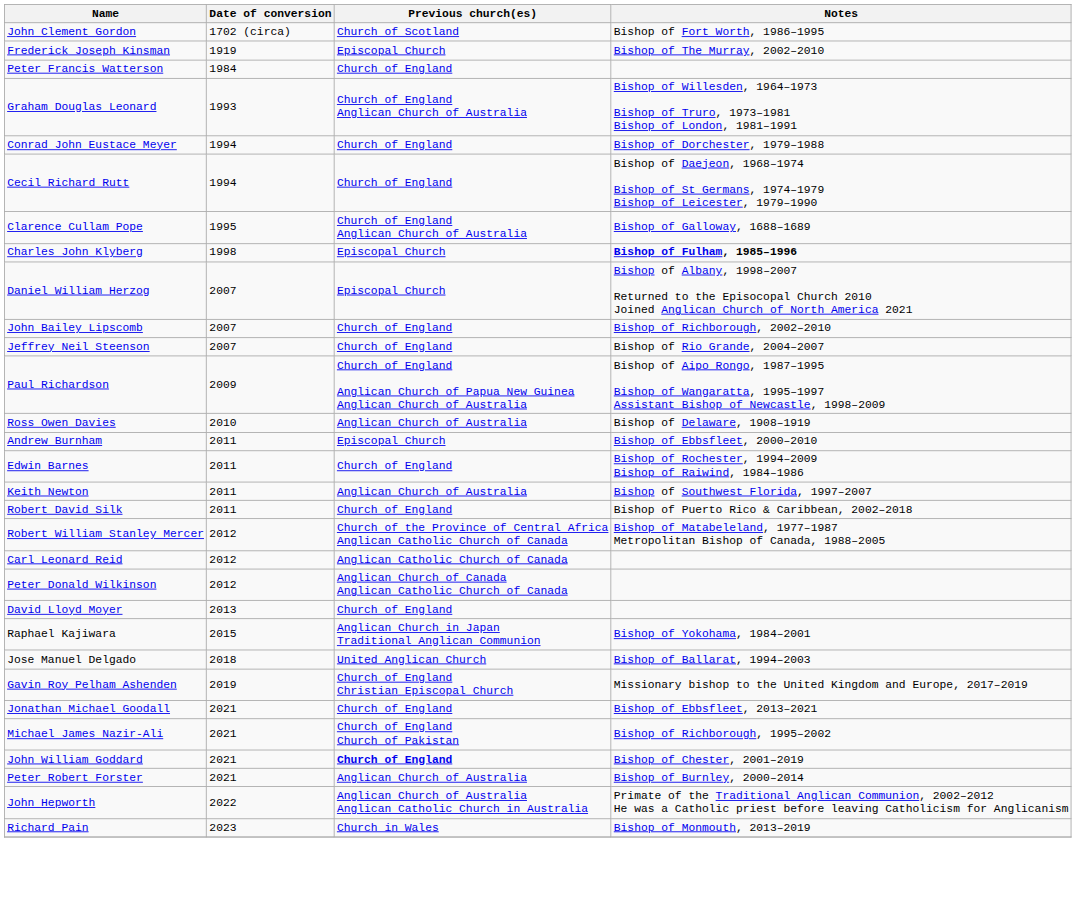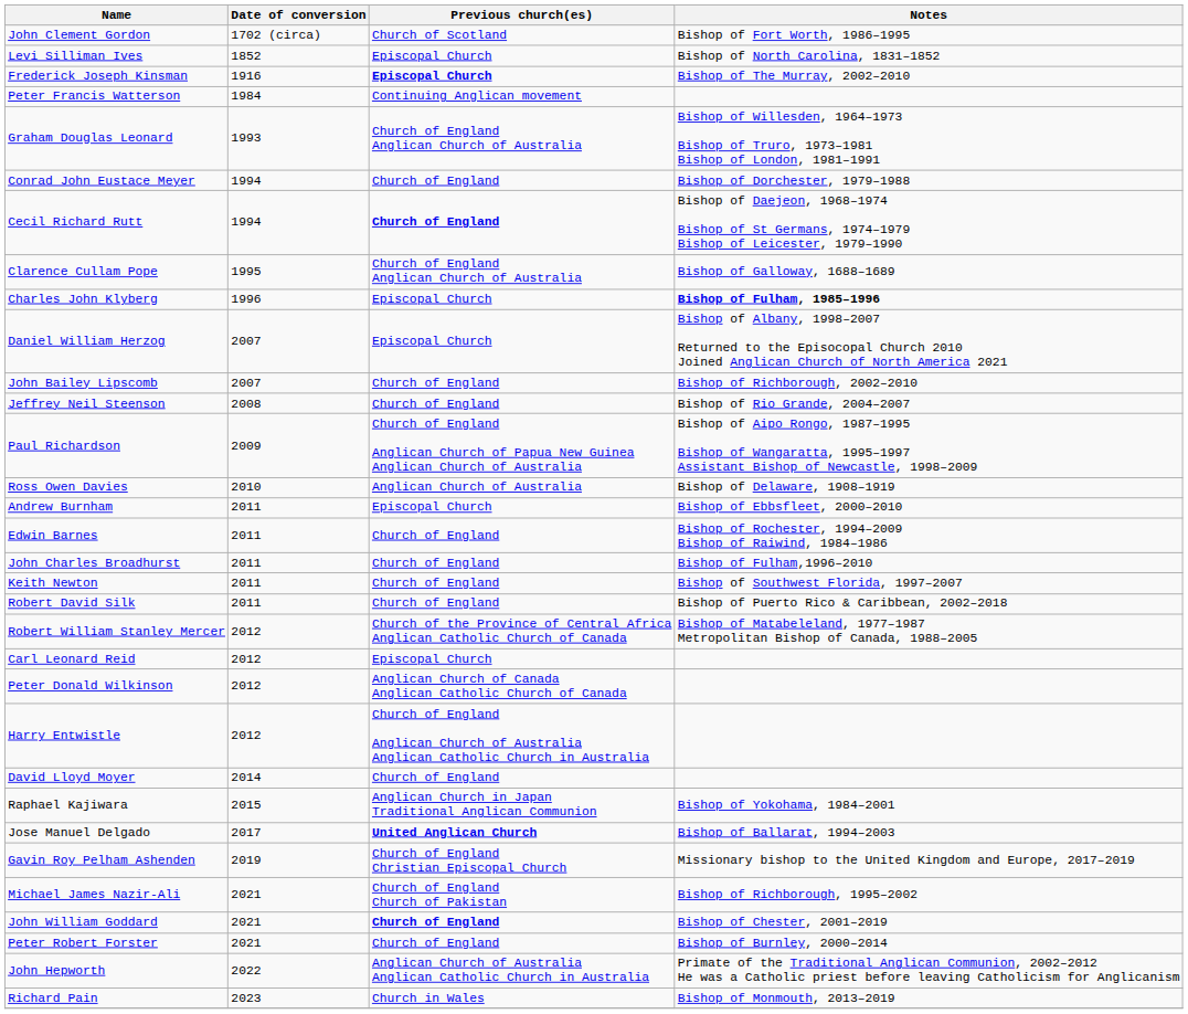 <table class="wikitable sortable">
 <tr>
 <th>Name</th>
 <th>Date of conversion</th>
 <th>Previous church(es)</th>
 <th>Notes</th>
 </tr>
 <tr>
 <td><a href='#'>John Clement Gordon</a></td>
 <td>1702 (circa)</td>
 <td><a href='#'>Church of Scotland</a></td>
 <td>Bishop of <a href='#'>Fort Worth</a>, 1986–1995</td>
 </tr>
 <tr>
+<td><a href='#'>Levi Silliman Ives</a></td>
+<td>1852</td>
+<td><a href='#'>Episcopal Church</a></td>
+<td>Bishop of <a href='#'>North Carolina</a>, 1831–1852</td>
+</tr>
+<tr>
 <td><a href='#'>Frederick Joseph Kinsman</a></td>
-<td>1919</td>
-<td><a href='#'>Episcopal Church</a></td>
+<td>1916</td>
+<td><strong><a href='#'>Episcopal Church</a></strong></td>
 <td><a href='#'>Bishop of The Murray</a>, 2002–2010</td>
 </tr>
 <tr>
 <td><a href='#'>Peter Francis Watterson</a></td>
 <td>1984</td>
-<td><a href='#'>Church of England</a></td>
+<td><a href='#'>Continuing Anglican movement</a></td>
 <td></td>
 </tr>
 <tr>
 <td><a href='#'>Graham Douglas Leonard</a></td>
 <td>1993</td>
 <td><a href='#'>Church of England</a><br><a href='#'>Anglican Church of Australia</a></td>
 <td><a href='#'>Bishop of Willesden</a>, 1964–1973<br><br><a href='#'>Bishop of Truro</a>, 1973–1981<br> <a href='#'>Bishop of London</a>, 1981–1991<br></td>
 </tr>
 <tr>
 <td><a href='#'>Conrad John Eustace Meyer</a></td>
 <td>1994</td>
 <td><a href='#'>Church of England</a></td>
 <td><a href='#'>Bishop of Dorchester</a>, 1979–1988</td>
 </tr>
 <tr>
 <td><a href='#'>Cecil Richard Rutt</a></td>
 <td>1994</td>
-<td><a href='#'>Church of England</a></td>
+<td><strong><a href='#'>Church of England</a></strong></td>
 <td>Bishop of <a href='#'>Daejeon</a>, 1968–1974<br><br><a href='#'>Bishop of St Germans</a>, 1974–1979<br> <a href='#'>Bishop of Leicester</a>, 1979–1990<br></td>
 </tr>
 <tr>
 <td><a href='#'>Clarence Cullam Pope</a></td>
 <td>1995</td>
 <td><a href='#'>Church of England</a><br><a href='#'>Anglican Church of Australia</a></td>
 <td><a href='#'>Bishop of Galloway</a>, 1688–1689</td>
 </tr>
 <tr>
 <td><a href='#'>Charles John Klyberg</a></td>
-<td>1998</td>
+<td>1996</td>
 <td><a href='#'>Episcopal Church</a></td>
 <td><strong><a href='#'>Bishop of Fulham</a>, 1985–1996</strong></td>
 </tr>
 <tr>
 <td><a href='#'>Daniel William Herzog</a></td>
 <td>2007</td>
 <td><a href='#'>Episcopal Church</a></td>
 <td><a href='#'>Bishop</a> of <a href='#'>Albany</a>, 1998–2007<br><br>Returned to the Episocopal Church 2010<br> Joined <a href='#'>Anglican Church of North America</a> 2021</td>
 </tr>
 <tr>
 <td><a href='#'>John Bailey Lipscomb</a></td>
 <td>2007</td>
 <td><a href='#'>Church of England</a></td>
 <td><a href='#'>Bishop of Richborough</a>, 2002–2010</td>
 </tr>
 <tr>
 <td><a href='#'>Jeffrey Neil Steenson</a></td>
-<td>2007</td>
+<td>2008</td>
 <td><a href='#'>Church of England</a></td>
 <td>Bishop of <a href='#'>Rio Grande</a>, 2004–2007</td>
 </tr>
 <tr>
 <td><a href='#'>Paul Richardson</a></td>
 <td>2009</td>
 <td><a href='#'>Church of England</a><br><br><a href='#'>Anglican Church of Papua New Guinea</a><br> <a href='#'>Anglican Church of Australia</a></td>
 <td>Bishop of <a href='#'>Aipo Rongo</a>, 1987–1995<br><br><a href='#'>Bishop of Wangaratta</a>, 1995–1997<br> <a href='#'>Assistant Bishop of Newcastle</a>, 1998–2009</td>
 </tr>
 <tr>
 <td><a href='#'>Ross Owen Davies</a></td>
 <td>2010</td>
 <td><a href='#'>Anglican Church of Australia</a></td>
 <td>Bishop of <a href='#'>Delaware</a>, 1908–1919</td>
 </tr>
 <tr>
 <td><a href='#'>Andrew Burnham</a></td>
 <td>2011</td>
 <td><a href='#'>Episcopal Church</a></td>
 <td><a href='#'>Bishop of Ebbsfleet</a>, 2000–2010</td>
 </tr>
 <tr>
 <td><a href='#'>Edwin Barnes</a></td>
 <td>2011</td>
 <td><a href='#'>Church of England</a></td>
 <td><a href='#'>Bishop of Rochester</a>, 1994–2009<br><a href='#'>Bishop of Raiwind</a>, 1984–1986</td>
 </tr>
 <tr>
+<td><a href='#'>John Charles Broadhurst</a></td>
+<td>2011</td>
+<td><a href='#'>Church of England</a></td>
+<td><a href='#'>Bishop of Fulham</a>,1996–2010</td>
+</tr>
+<tr>
 <td><a href='#'>Keith Newton</a></td>
 <td>2011</td>
-<td><a href='#'>Anglican Church of Australia</a></td>
+<td><a href='#'>Church of England</a></td>
 <td><a href='#'>Bishop</a> of <a href='#'>Southwest Florida</a>, 1997–2007</td>
 </tr>
 <tr>
 <td><a href='#'>Robert David Silk</a></td>
 <td>2011</td>
 <td><a href='#'>Church of England</a></td>
 <td>Bishop of Puerto Rico & Caribbean, 2002–2018</td>
 </tr>
 <tr>
 <td><a href='#'>Robert William Stanley Mercer</a></td>
 <td>2012</td>
 <td><a href='#'>Church of the Province of Central Africa</a><br><a href='#'>Anglican Catholic Church of Canada</a></td>
 <td><a href='#'>Bishop of Matabeleland</a>, 1977–1987<br>Metropolitan Bishop of Canada, 1988–2005</td>
 </tr>
 <tr>
 <td><a href='#'>Carl Leonard Reid</a></td>
 <td>2012</td>
-<td><a href='#'>Anglican Catholic Church of Canada</a></td>
+<td><a href='#'>Episcopal Church</a></td>
 <td></td>
 </tr>
 <tr>
 <td><a href='#'>Peter Donald Wilkinson</a></td>
 <td>2012</td>
 <td><a href='#'>Anglican Church of Canada</a><br><a href='#'>Anglican Catholic Church of Canada</a></td>
 <td></td>
 </tr>
 <tr>
+<td><a href='#'>Harry Entwistle</a></td>
+<td>2012</td>
+<td><a href='#'>Church of England</a> <br><br><a href='#'>Anglican Church of Australia</a><br> <a href='#'>Anglican Catholic Church in Australia</a></td>
+<td></td>
+</tr>
+<tr>
 <td><a href='#'>David Lloyd Moyer</a></td>
-<td>2013</td>
+<td>2014</td>
 <td><a href='#'>Church of England</a></td>
 <td></td>
 </tr>
 <tr>
 <td>Raphael Kajiwara</td>
 <td>2015</td>
 <td><a href='#'>Anglican Church in Japan</a><br><a href='#'>Traditional Anglican Communion</a></td>
 <td><a href='#'>Bishop of Yokohama</a>, 1984–2001</td>
 </tr>
 <tr>
 <td>Jose Manuel Delgado</td>
-<td>2018</td>
-<td><a href='#'>United Anglican Church</a></td>
+<td>2017</td>
+<td><strong><a href='#'>United Anglican Church</a></strong></td>
 <td><a href='#'>Bishop of Ballarat</a>, 1994–2003</td>
 </tr>
 <tr>
 <td><a href='#'>Gavin Roy Pelham Ashenden</a></td>
 <td>2019</td>
 <td><a href='#'>Church of England</a><br><a href='#'>Christian Episcopal Church</a></td>
 <td>Missionary bishop to the United Kingdom and Europe, 2017–2019</td>
-</tr>
-<tr>
-<td><a href='#'>Jonathan Michael Goodall</a></td>
-<td>2021</td>
-<td><a href='#'>Church of England</a></td>
-<td><a href='#'>Bishop of Ebbsfleet</a>, 2013–2021</td>
 </tr>
 <tr>
 <td><a href='#'>Michael James Nazir-Ali</a></td>
 <td>2021</td>
 <td><a href='#'>Church of England</a><br><a href='#'>Church of Pakistan</a></td>
 <td><a href='#'>Bishop of Richborough</a>, 1995–2002</td>
 </tr>
 <tr>
 <td><a href='#'>John William Goddard</a></td>
 <td>2021</td>
 <td><strong><a href='#'>Church of England</a></strong></td>
 <td><a href='#'>Bishop of Chester</a>, 2001–2019</td>
 </tr>
 <tr>
 <td><a href='#'>Peter Robert Forster</a></td>
 <td>2021</td>
-<td><a href='#'>Anglican Church of Australia</a></td>
+<td><a href='#'>Church of England</a></td>
 <td><a href='#'>Bishop of Burnley</a>, 2000–2014</td>
 </tr>
 <tr>
 <td><a href='#'>John Hepworth</a></td>
 <td>2022</td>
 <td><a href='#'>Anglican Church of Australia</a><br><a href='#'>Anglican Catholic Church in Australia</a></td>
 <td>Primate of the <a href='#'>Traditional Anglican Communion</a>, 2002–2012<br>He was a Catholic priest before leaving Catholicism for Anglicanism</td>
 </tr>
 <tr>
 <td><a href='#'>Richard Pain</a></td>
 <td>2023</td>
 <td><a href='#'>Church in Wales</a></td>
 <td><a href='#'>Bishop of Monmouth</a>, 2013–2019</td>
 </tr>
 <tr>
 </tr>
 </table>
